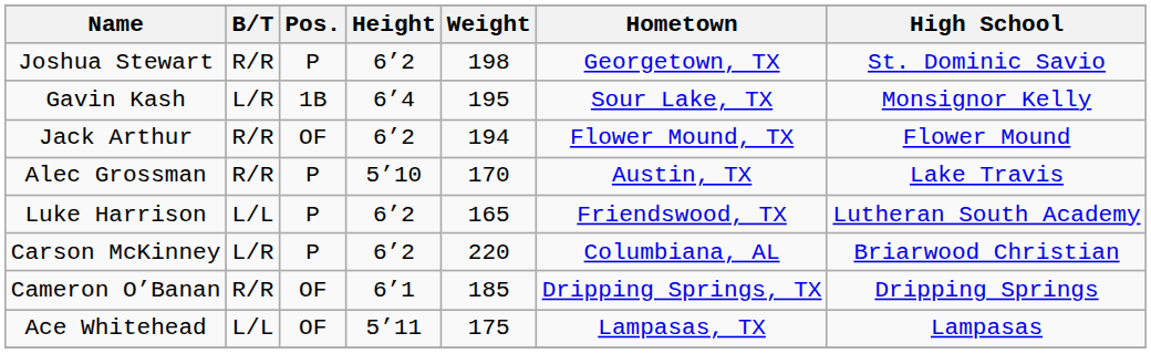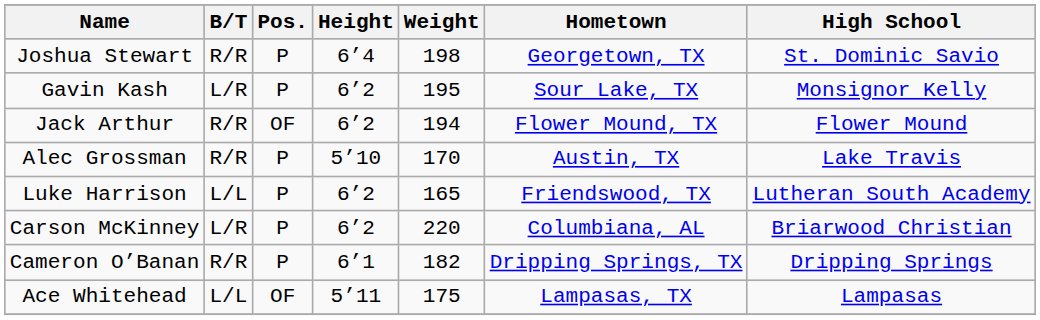 <table class="wikitable sortable collapsible">
 <tr>
 </tr>
 <tr>
 <th style="text-align:center; ">Name</th>
 <th style="text-align:center; ">B/T</th>
 <th style="text-align:center; ">Pos.</th>
 <th style="text-align:center; ">Height</th>
 <th style="text-align:center; ">Weight</th>
 <th style="text-align:center; ">Hometown</th>
 <th style="text-align:center; ">High School</th>
 </tr>
 <tr align="center">
 <td>Joshua Stewart</td>
 <td>R/R</td>
 <td>P</td>
-<td>6’2</td>
+<td>6’4</td>
 <td>198</td>
 <td><a href='#'>Georgetown, TX</a></td>
 <td><a href='#'>St. Dominic Savio</a></td>
 </tr>
 <tr align="center">
 <td>Gavin Kash</td>
 <td>L/R</td>
-<td>1B</td>
-<td>6’4</td>
+<td>P</td>
+<td>6’2</td>
 <td>195</td>
 <td><a href='#'>Sour Lake, TX</a></td>
 <td><a href='#'>Monsignor Kelly</a></td>
 </tr>
 <tr align="center">
 <td>Jack Arthur</td>
 <td>R/R</td>
 <td>OF</td>
 <td>6’2</td>
 <td>194</td>
 <td><a href='#'>Flower Mound, TX</a></td>
 <td><a href='#'>Flower Mound</a></td>
 </tr>
 <tr align="center">
 <td>Alec Grossman</td>
 <td>R/R</td>
 <td>P</td>
 <td>5’10</td>
 <td>170</td>
 <td><a href='#'>Austin, TX</a></td>
 <td><a href='#'>Lake Travis</a></td>
 </tr>
 <tr align="center">
 <td>Luke Harrison</td>
 <td>L/L</td>
 <td>P</td>
 <td>6’2</td>
 <td>165</td>
 <td><a href='#'>Friendswood, TX</a></td>
 <td><a href='#'>Lutheran South Academy</a></td>
 </tr>
 <tr align="center">
 <td>Carson McKinney</td>
 <td>L/R</td>
 <td>P</td>
 <td>6’2</td>
 <td>220</td>
 <td><a href='#'>Columbiana, AL</a></td>
 <td><a href='#'>Briarwood Christian</a></td>
 </tr>
 <tr align="center">
 <td>Cameron O’Banan</td>
 <td>R/R</td>
-<td>OF</td>
+<td>P</td>
 <td>6’1</td>
-<td>185</td>
+<td>182</td>
 <td><a href='#'>Dripping Springs, TX</a></td>
 <td><a href='#'>Dripping Springs</a></td>
 </tr>
 <tr align="center">
 <td>Ace Whitehead</td>
 <td>L/L</td>
 <td>OF</td>
 <td>5’11</td>
 <td>175</td>
 <td><a href='#'>Lampasas, TX</a></td>
 <td><a href='#'>Lampasas</a></td>
 </tr>
 <tr>
 </tr>
 </table>
